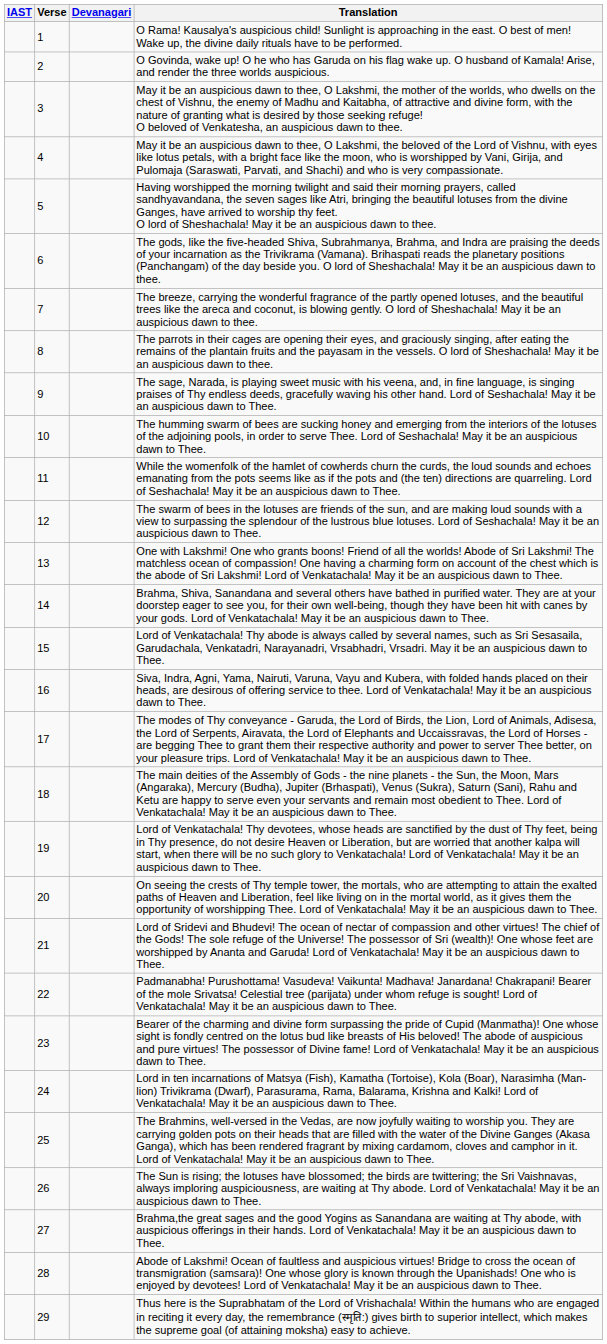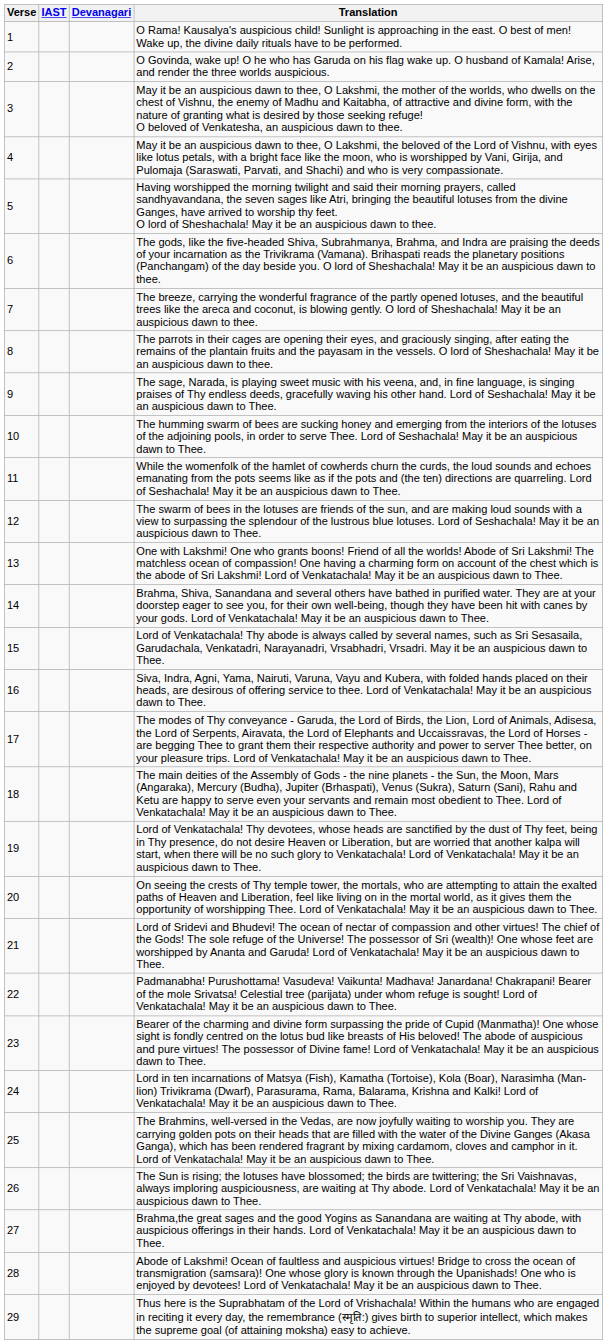 <table class="wikitable">
 <tr>
+<th scope="col">Verse</th>
 <th scope="col"><a href='#'>IAST</a></th>
-<th scope="col">Verse</th>
 <th scope="col"><a href='#'>Devanagari</a></th>
 <th scope="col">Translation</th>
 </tr>
 <tr>
+<td>1</td>
 <td></td>
-<td>1</td>
 <td></td>
 <td>O Rama! Kausalya's auspicious child! Sunlight is approaching in the east. O best of men! Wake up, the divine daily rituals have to be performed.</td>
 </tr>
 <tr>
+<td>2</td>
 <td></td>
-<td>2</td>
 <td></td>
 <td>O Govinda, wake up! O he who has Garuda on his flag wake up. O husband of Kamala! Arise, and render the three worlds auspicious.</td>
 </tr>
 <tr>
+<td>3</td>
 <td></td>
-<td>3</td>
 <td></td>
 <td>May it be an auspicious dawn to thee, O Lakshmi, the mother of the worlds, who dwells on the chest of Vishnu, the enemy of Madhu and Kaitabha, of attractive and divine form, with the nature of granting what is desired by those seeking refuge!<br>O beloved of Venkatesha, an auspicious dawn to thee.</td>
 </tr>
 <tr>
+<td>4</td>
 <td></td>
-<td>4</td>
 <td></td>
 <td>May it be an auspicious dawn to thee, O Lakshmi, the beloved of the Lord of Vishnu, with eyes like lotus petals, with a bright face like the moon, who is worshipped by Vani, Girija, and Pulomaja (Saraswati, Parvati, and Shachi) and who is very compassionate.</td>
 </tr>
 <tr>
+<td>5</td>
 <td></td>
-<td>5</td>
 <td></td>
 <td>Having worshipped the morning twilight and said their morning prayers, called sandhyavandana, the seven sages like Atri, bringing the beautiful lotuses from the divine Ganges, have arrived to worship thy feet.<br>O lord of Sheshachala! May it be an auspicious dawn to thee.</td>
 </tr>
 <tr>
+<td>6</td>
 <td></td>
-<td>6</td>
 <td></td>
 <td>The gods, like the five-headed Shiva,  Subrahmanya, Brahma, and  Indra are praising the deeds of your incarnation as the Trivikrama (Vamana). Brihaspati reads the planetary positions (Panchangam) of the day beside you. O lord of Sheshachala! May it be an auspicious dawn to thee.</td>
 </tr>
 <tr>
+<td>7</td>
 <td></td>
-<td>7</td>
 <td></td>
 <td>The breeze, carrying the wonderful fragrance of the partly opened lotuses, and the beautiful trees like the areca and coconut, is blowing gently. O lord of Sheshachala! May it be an auspicious dawn to thee.</td>
 </tr>
 <tr>
+<td>8</td>
 <td></td>
-<td>8</td>
 <td></td>
 <td>The parrots in their cages are opening their eyes, and graciously singing, after eating the remains of the plantain fruits and the payasam in the vessels. O lord of Sheshachala! May it be an auspicious dawn to thee.</td>
 </tr>
 <tr>
+<td>9</td>
 <td></td>
-<td>9</td>
 <td></td>
 <td>The sage, Narada, is playing sweet music with his veena, and, in fine language, is singing praises of Thy endless deeds, gracefully waving his other hand. Lord of Seshachala! May it be an auspicious dawn to Thee.</td>
 </tr>
 <tr>
+<td>10</td>
 <td></td>
-<td>10</td>
 <td></td>
 <td>The humming swarm of bees are sucking honey and emerging from the interiors of the lotuses of the adjoining pools, in order to serve Thee. Lord of Seshachala! May it be an auspicious dawn to Thee.</td>
 </tr>
 <tr>
+<td>11</td>
 <td></td>
-<td>11</td>
 <td></td>
 <td>While the womenfolk of the hamlet of cowherds churn the curds, the loud sounds and echoes emanating from the pots seems like as if the pots and (the ten) directions are quarreling. Lord of Seshachala! May it be an auspicious dawn to Thee.</td>
 </tr>
 <tr>
+<td>12</td>
 <td></td>
-<td>12</td>
 <td></td>
 <td>The swarm of bees in the lotuses are friends of the sun, and are making loud sounds with a view to surpassing the splendour of the lustrous blue lotuses. Lord of Seshachala! May it be an auspicious dawn to Thee.</td>
 </tr>
 <tr>
+<td>13</td>
 <td></td>
-<td>13</td>
 <td></td>
 <td>One with Lakshmi! One who grants boons! Friend of all the worlds! Abode of Sri Lakshmi! The matchless ocean of compassion! One having a charming form on account of the chest which is the abode of Sri Lakshmi! Lord of Venkatachala! May it be an auspicious dawn to Thee.</td>
 </tr>
 <tr>
+<td>14</td>
 <td></td>
-<td>14</td>
 <td></td>
 <td>Brahma, Shiva, Sanandana and several others have bathed in purified water. They are at your doorstep eager to see you, for their own well-being, though they have been hit with canes by your gods. Lord of Venkatachala! May it be an auspicious dawn to Thee.</td>
 </tr>
 <tr>
+<td>15</td>
 <td></td>
-<td>15</td>
 <td></td>
 <td>Lord of Venkatachala! Thy abode is always called by several names, such as Sri Sesasaila, Garudachala, Venkatadri, Narayanadri, Vrsabhadri, Vrsadri. May it be an auspicious dawn to Thee.</td>
 </tr>
 <tr>
+<td>16</td>
 <td></td>
-<td>16</td>
 <td></td>
 <td>Siva, Indra, Agni, Yama, Nairuti, Varuna, Vayu and Kubera, with folded hands placed on their heads, are desirous of offering service to thee. Lord of Venkatachala! May it be an auspicious dawn to Thee.</td>
 </tr>
 <tr>
+<td>17</td>
 <td></td>
-<td>17</td>
 <td></td>
 <td>The modes of Thy conveyance - Garuda, the Lord of Birds, the Lion, Lord of Animals, Adisesa, the Lord of Serpents, Airavata, the Lord of Elephants and Uccaissravas, the Lord of Horses - are begging Thee to grant them their respective authority and power to server Thee better, on your pleasure trips. Lord of Venkatachala! May it be an auspicious dawn to Thee.</td>
 </tr>
 <tr>
+<td>18</td>
 <td></td>
-<td>18</td>
 <td></td>
 <td>The main deities of the Assembly of Gods - the nine planets - the Sun, the Moon, Mars (Angaraka), Mercury (Budha), Jupiter (Brhaspati), Venus (Sukra), Saturn (Sani), Rahu and Ketu are happy to serve even your servants and remain most obedient to Thee. Lord of Venkatachala! May it be an auspicious dawn to Thee.</td>
 </tr>
 <tr>
+<td>19</td>
 <td></td>
-<td>19</td>
 <td></td>
 <td>Lord of Venkatachala! Thy devotees, whose heads are sanctified by the dust of Thy feet, being in Thy presence, do not desire Heaven or Liberation, but are worried that another kalpa will start, when there will be no such glory to Venkatachala! Lord of Venkatachala! May it be an auspicious dawn to Thee.</td>
 </tr>
 <tr>
+<td>20</td>
 <td></td>
-<td>20</td>
 <td></td>
 <td>On seeing the crests of Thy temple tower, the mortals, who are attempting to attain the exalted paths of Heaven and Liberation, feel like living on in the mortal world, as it gives them the opportunity of worshipping Thee. Lord of Venkatachala! May it be an auspicious dawn to Thee.</td>
 </tr>
 <tr>
+<td>21</td>
 <td></td>
-<td>21</td>
 <td></td>
 <td>Lord of Sridevi and Bhudevi! The ocean of nectar of compassion and other virtues! The chief of the Gods! The sole refuge of the Universe! The possessor of Sri (wealth)! One whose feet are worshipped by Ananta and Garuda! Lord of Venkatachala! May it be an auspicious dawn to Thee.</td>
 </tr>
 <tr>
+<td>22</td>
 <td></td>
-<td>22</td>
 <td></td>
 <td>Padmanabha! Purushottama! Vasudeva! Vaikunta! Madhava! Janardana! Chakrapani! Bearer of the mole Srivatsa! Celestial tree (parijata) under whom refuge is sought! Lord of Venkatachala! May it be an auspicious dawn to Thee.</td>
 </tr>
 <tr>
+<td>23</td>
 <td></td>
-<td>23</td>
 <td></td>
 <td>Bearer of the charming and divine form surpassing the pride of Cupid (Manmatha)! One whose sight is fondly centred on the lotus bud like breasts of His beloved! The abode of auspicious and pure virtues! The possessor of Divine fame! Lord of Venkatachala! May it be an auspicious dawn to Thee.</td>
 </tr>
 <tr>
+<td>24</td>
 <td></td>
-<td>24</td>
 <td></td>
 <td>Lord in ten incarnations of Matsya (Fish), Kamatha (Tortoise), Kola (Boar), Narasimha (Man-lion) Trivikrama (Dwarf), Parasurama, Rama, Balarama, Krishna and Kalki! Lord of Venkatachala! May it be an auspicious dawn to Thee.</td>
 </tr>
 <tr>
+<td>25</td>
 <td></td>
-<td>25</td>
 <td></td>
 <td>The Brahmins, well-versed in the Vedas, are now joyfully waiting to worship you. They are carrying golden pots on their heads that are filled with the water of the Divine Ganges (Akasa Ganga), which has been rendered fragrant by mixing cardamom, cloves and camphor in it. Lord of Venkatachala! May it be an auspicious dawn to Thee.</td>
 </tr>
 <tr>
+<td>26</td>
 <td></td>
-<td>26</td>
 <td></td>
 <td>The Sun is rising; the lotuses have blossomed; the birds are twittering; the Sri Vaishnavas, always imploring auspiciousness, are waiting at Thy abode. Lord of Venkatachala! May it be an auspicious dawn to Thee.</td>
 </tr>
 <tr>
+<td>27</td>
 <td></td>
-<td>27</td>
 <td></td>
 <td>Brahma,the great sages and the good Yogins as Sanandana are waiting at Thy abode, with auspicious offerings in their hands. Lord of Venkatachala! May it be an auspicious dawn to Thee.</td>
 </tr>
 <tr>
+<td>28</td>
 <td></td>
-<td>28</td>
 <td></td>
 <td>Abode of Lakshmi! Ocean of faultless and auspicious virtues! Bridge to cross the ocean of transmigration (samsara)! One whose glory is known through the Upanishads! One who is enjoyed by devotees! Lord of Venkatachala! May it be an auspicious dawn to Thee.</td>
 </tr>
 <tr>
+<td>29</td>
 <td></td>
-<td>29</td>
 <td></td>
 <td>Thus here is the Suprabhatam of the Lord of Vrishachala! Within the humans who are engaged in reciting it every day, the remembrance (स्मृति:) gives birth to superior intellect, which makes the supreme goal (of attaining moksha) easy to achieve.</td>
 </tr>
 </table>
